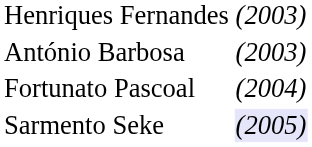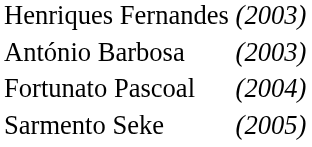 <table border="0" style="text-align:center;">
 <tr>
 <td align=left> Henriques Fernandes</td>
 <td><em>(2003)</em></td>
 </tr>
 <tr>
 <td align=left> António Barbosa</td>
 <td><em>(2003)</em></td>
 </tr>
 <tr>
 <td align=left> Fortunato Pascoal</td>
 <td><em>(2004)</em></td>
 </tr>
 <tr>
 <td align=left> Sarmento Seke</td>
-<td style="background: lavender;"><em>(2005)</em></td>
+<td><em>(2005)</em></td>
 </tr>
 </table>
